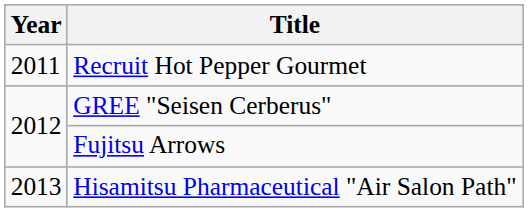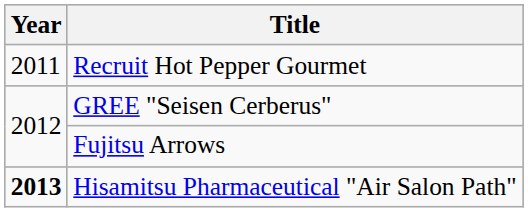 <table class="wikitable">
 <tr>
 <th>Year</th>
 <th>Title</th>
 </tr>
 <tr>
 <td>2011</td>
 <td><a href='#'>Recruit</a> Hot Pepper Gourmet</td>
 </tr>
 <tr>
 <td rowspan="2">2012</td>
 <td><a href='#'>GREE</a> "Seisen Cerberus"</td>
 </tr>
 <tr>
 <td><a href='#'>Fujitsu</a> Arrows</td>
 </tr>
 <tr>
-<td>2013</td>
+<td><strong>2013</strong></td>
 <td><a href='#'>Hisamitsu Pharmaceutical</a> "Air Salon Path"</td>
 </tr>
 </table>
